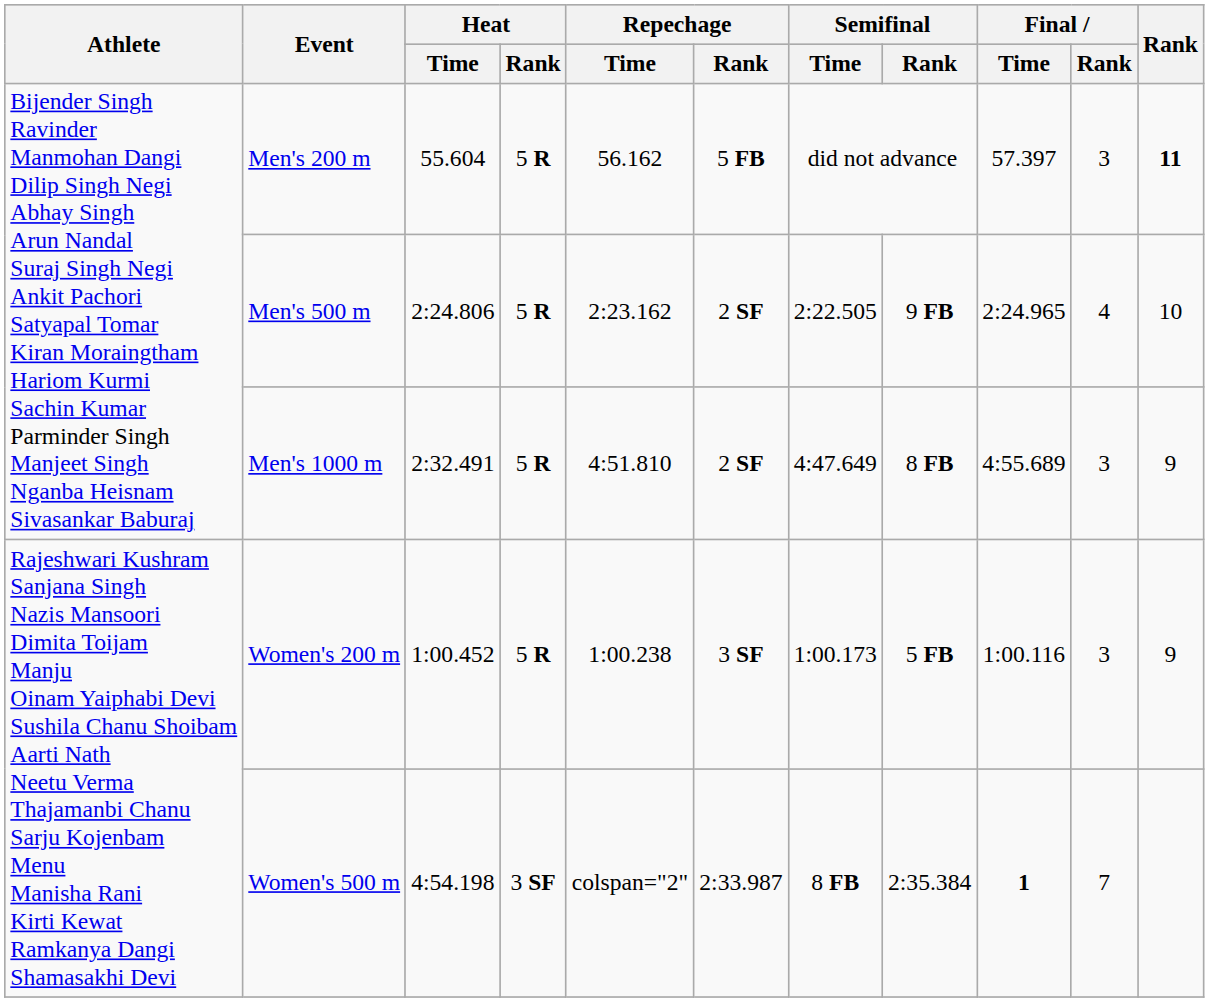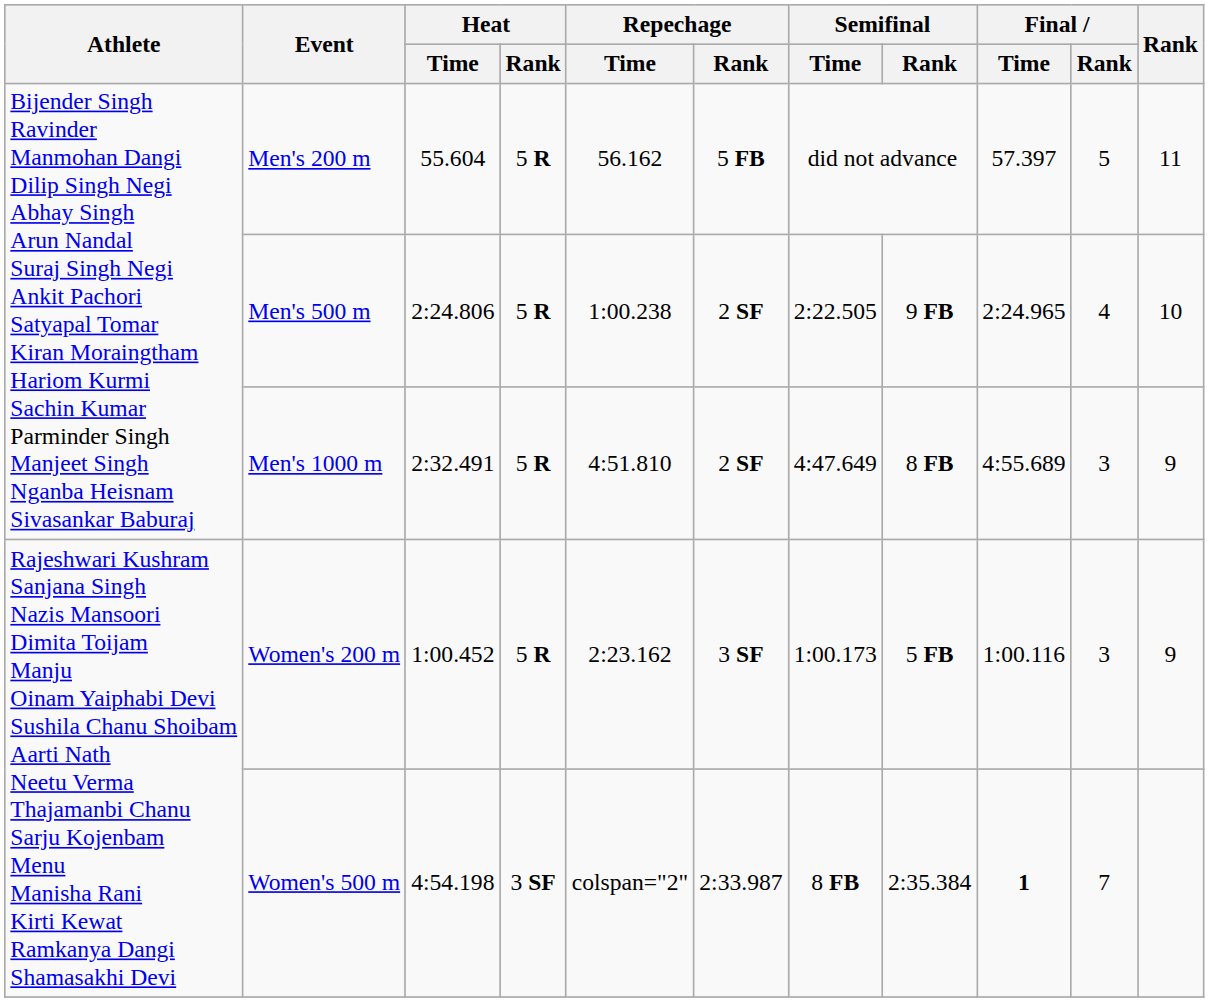 <table class="wikitable" style="text-align:center; font-size:90%">
 <tr>
 <th rowspan="2">Athlete</th>
 <th rowspan="2">Event</th>
 <th colspan="2">Heat</th>
 <th colspan="2">Repechage</th>
 <th colspan="2">Semifinal</th>
 <th colspan="2">Final / </th>
 <th rowspan="2">Rank</th>
 </tr>
 <tr>
 <th>Time</th>
 <th>Rank</th>
 <th>Time</th>
 <th>Rank</th>
 <th>Time</th>
 <th>Rank</th>
 <th>Time</th>
 <th>Rank</th>
 </tr>
 <tr>
 <td align=left rowspan="3"><a href='#'>Bijender Singh</a><br><a href='#'>Ravinder</a><br><a href='#'>Manmohan Dangi</a><br><a href='#'>Dilip Singh Negi</a><br><a href='#'>Abhay Singh</a><br><a href='#'>Arun Nandal</a><br><a href='#'>Suraj Singh Negi</a><br><a href='#'>Ankit Pachori</a><br><a href='#'>Satyapal Tomar</a><br><a href='#'>Kiran Moraingtham</a><br><a href='#'>Hariom Kurmi</a><br><a href='#'>Sachin Kumar</a><br>Parminder Singh<br><a href='#'>Manjeet Singh</a><br><a href='#'>Nganba Heisnam</a><br><a href='#'>Sivasankar Baburaj</a></td>
 <td align=left><a href='#'>Men's 200 m</a></td>
 <td>55.604</td>
 <td>5 <strong>R</strong></td>
 <td>56.162</td>
 <td>5 <strong>FB</strong></td>
 <td colspan="2">did not advance</td>
 <td>57.397</td>
-<td>3</td>
-<td><strong>11</strong></td>
+<td>5</td>
+<td>11</td>
 </tr>
 <tr>
 <td align=left><a href='#'>Men's 500 m</a></td>
 <td>2:24.806</td>
 <td>5 <strong>R</strong></td>
-<td>2:23.162</td>
+<td>1:00.238</td>
 <td>2 <strong>SF</strong></td>
 <td>2:22.505</td>
 <td>9 <strong>FB</strong></td>
 <td>2:24.965</td>
 <td>4</td>
 <td>10</td>
 </tr>
 <tr>
 <td align=left><a href='#'>Men's 1000 m</a></td>
 <td>2:32.491</td>
 <td>5 <strong>R</strong></td>
 <td>4:51.810</td>
 <td>2 <strong>SF</strong></td>
 <td>4:47.649</td>
 <td>8 <strong>FB</strong></td>
 <td>4:55.689</td>
 <td>3</td>
 <td>9</td>
 </tr>
 <tr>
 <td align=left rowspan="2"><a href='#'>Rajeshwari Kushram</a><br><a href='#'>Sanjana Singh</a><br><a href='#'>Nazis Mansoori</a><br><a href='#'>Dimita Toijam</a><br><a href='#'>Manju</a><br><a href='#'>Oinam Yaiphabi Devi</a><br><a href='#'>Sushila Chanu Shoibam</a><br><a href='#'>Aarti Nath</a><br><a href='#'>Neetu Verma</a><br><a href='#'>Thajamanbi Chanu</a><br><a href='#'>Sarju Kojenbam</a><br><a href='#'>Menu</a><br><a href='#'>Manisha Rani</a><br><a href='#'>Kirti Kewat</a><br><a href='#'>Ramkanya Dangi</a><br><a href='#'>Shamasakhi Devi</a></td>
 <td align=left><a href='#'>Women's 200 m</a></td>
 <td>1:00.452</td>
 <td>5 <strong>R</strong></td>
-<td>1:00.238</td>
+<td>2:23.162</td>
 <td>3 <strong>SF</strong></td>
 <td>1:00.173</td>
 <td>5 <strong>FB</strong></td>
 <td>1:00.116</td>
 <td>3</td>
 <td>9</td>
 </tr>
 <tr>
 <td align=left><a href='#'>Women's 500 m</a></td>
 <td>4:54.198</td>
 <td>3 <strong>SF</strong></td>
 <td>colspan="2" </td>
 <td>2:33.987</td>
 <td>8 <strong>FB</strong></td>
 <td>2:35.384</td>
 <td><strong>1</strong></td>
 <td>7</td>
 </tr>
 </table>
